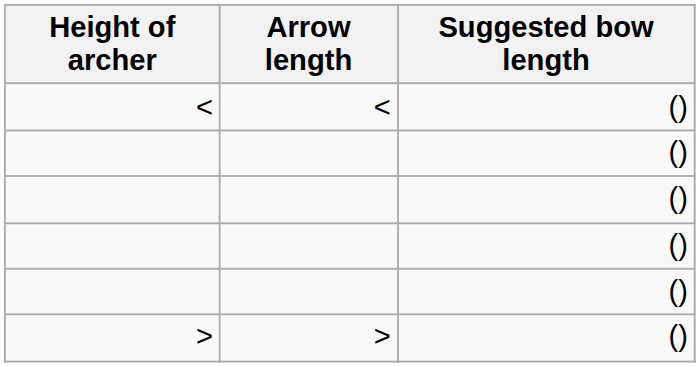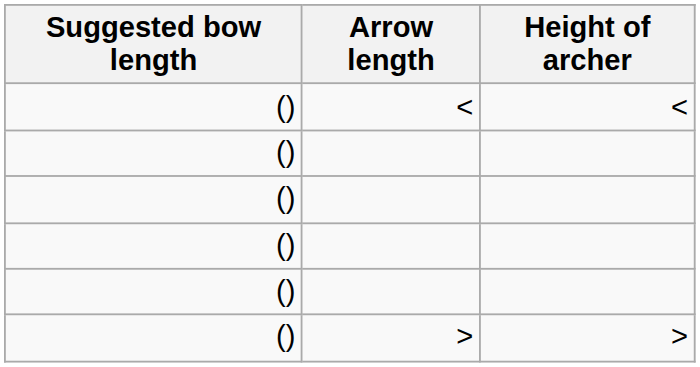 <table class="wikitable" style="text-align:right;" width="380px">
 <tr>
+<th>Suggested bow length</th>
+<th>Arrow length</th>
 <th>Height of archer</th>
-<th>Arrow length</th>
-<th>Suggested bow length</th>
 </tr>
 <tr>
+<td> ()</td>
 <td><</td>
 <td><</td>
-<td> ()</td>
 </tr>
 <tr>
+<td> ()</td>
 <td></td>
 <td></td>
-<td> ()</td>
 </tr>
 <tr>
+<td> ()</td>
 <td></td>
 <td></td>
-<td> ()</td>
 </tr>
 <tr>
+<td> ()</td>
 <td></td>
 <td></td>
-<td> ()</td>
 </tr>
 <tr>
+<td> ()</td>
 <td></td>
 <td></td>
-<td> ()</td>
 </tr>
 <tr>
+<td> ()</td>
 <td>></td>
 <td>></td>
-<td> ()</td>
 </tr>
 </table>
